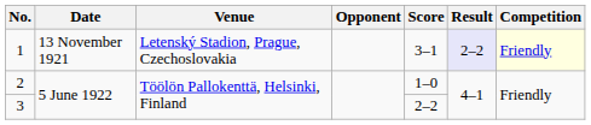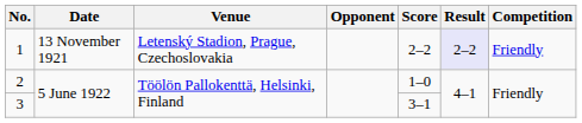 <table class="wikitable sortable">
 <tr>
 <th scope="col">No.</th>
 <th scope="col">Date</th>
 <th scope="col">Venue</th>
 <th scope="col">Opponent</th>
 <th scope="col">Score</th>
 <th scope="col">Result</th>
 <th scope="col">Competition</th>
 </tr>
 <tr>
 <td align="center">1</td>
 <td>13 November 1921</td>
 <td><a href='#'>Letenský Stadion</a>, <a href='#'>Prague</a>, Czechoslovakia</td>
 <td></td>
-<td align="center">3–1</td>
+<td align="center">2–2</td>
 <td align="center" style="background: lavender;">2–2</td>
-<td style="background: lightyellow;"><a href='#'>Friendly</a></td>
+<td><a href='#'>Friendly</a></td>
 </tr>
 <tr>
 <td align="center">2</td>
 <td rowspan="2">5 June 1922</td>
 <td rowspan="2"><a href='#'>Töölön Pallokenttä</a>, <a href='#'>Helsinki</a>, Finland</td>
 <td rowspan="2"></td>
 <td align="center">1–0</td>
 <td rowspan="2" align="center">4–1</td>
 <td rowspan="2">Friendly</td>
 </tr>
 <tr>
 <td align="center">3</td>
-<td align="center">2–2</td>
+<td align="center">3–1</td>
 </tr>
 </table>
